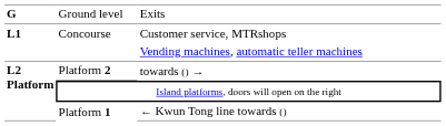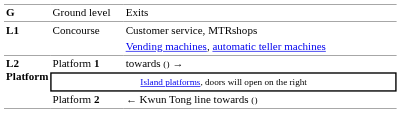 <table border=0 cellspacing=0 cellpadding=3>
 <tr>
 <td style="border-bottom:solid 1px gray;border-top:solid 1px gray;width:50px;vertical-align:top;"><strong>G</strong></td>
 <td style="border-top:solid 1px gray;border-bottom:solid 1px gray;width:100px;vertical-align:top;">Ground level</td>
 <td style="border-top:solid 1px gray;border-bottom:solid 1px gray;width:390px;vertical-align:top;">Exits</td>
 </tr>
 <tr>
 <td style="border-bottom:solid 1px gray;vertical-align:top;" rowspan=2><strong>L1</strong></td>
 <td style="border-bottom:solid 1px gray;vertical-align:top;" rowspan=2>Concourse</td>
 <td>Customer service, MTRshops</td>
 </tr>
 <tr>
 <td style="border-bottom:solid 1px gray;"><a href='#'>Vending machines</a>, <a href='#'>automatic teller machines</a></td>
 </tr>
 <tr>
 <td style="border-bottom:solid 1px gray;vertical-align:top;" rowspan=3><strong>L2<br>Platform</strong></td>
-<td style="border-bottom:solid 1px gray;">Platform <span><strong>2</strong></span></td>
+<td>Platform <span><strong>1</strong></span></td>
 <td>  towards  <small>()</small> →</td>
 </tr>
 <tr>
 <td style="border-top:solid 2px black;border-right:solid 2px black;border-left:solid 2px black;border-bottom:solid 2px black;text-align:center;" colspan=2><small><a href='#'>Island platforms</a>, doors will open on the right</small></td>
 </tr>
 <tr>
-<td>Platform <span><strong>1</strong></span></td>
+<td style="border-bottom:solid 1px gray;">Platform <span><strong>2</strong></span></td>
 <td style="border-bottom:solid 1px gray;">←  Kwun Tong line towards  <small>()</small></td>
 </tr>
 </table>
